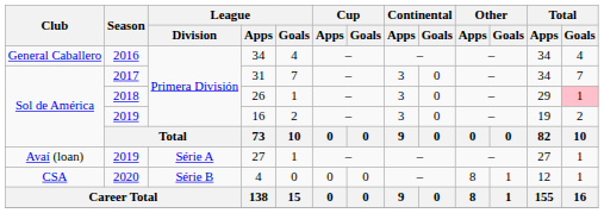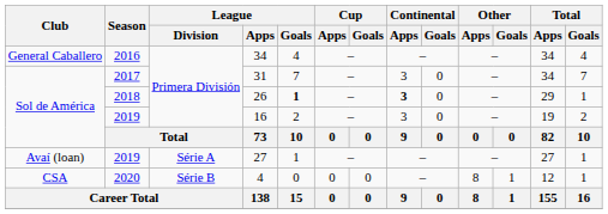 <table class="wikitable" style="text-align: center;">
 <tr>
 <th rowspan="2">Club</th>
 <th rowspan="2">Season</th>
 <th colspan="3">League</th>
 <th colspan="2">Cup</th>
 <th colspan="2">Continental</th>
 <th colspan="2">Other</th>
 <th colspan="2">Total</th>
 </tr>
 <tr>
 <th>Division</th>
 <th>Apps</th>
 <th>Goals</th>
 <th>Apps</th>
 <th>Goals</th>
 <th>Apps</th>
 <th>Goals</th>
 <th>Apps</th>
 <th>Goals</th>
 <th>Apps</th>
 <th>Goals</th>
 </tr>
 <tr>
 <td rowspan="1"><a href='#'>General Caballero</a></td>
 <td><a href='#'>2016</a></td>
 <td rowspan="4" valign="center"><a href='#'>Primera División</a></td>
 <td>34</td>
 <td>4</td>
 <td colspan="2">–</td>
 <td colspan="2">–</td>
 <td colspan="2">–</td>
 <td>34</td>
 <td>4</td>
 </tr>
 <tr>
 <td rowspan="4"><a href='#'>Sol de América</a></td>
 <td><a href='#'>2017</a></td>
 <td>31</td>
 <td>7</td>
 <td colspan="2">–</td>
 <td>3</td>
 <td>0</td>
 <td colspan="2">–</td>
 <td>34</td>
 <td>7</td>
 </tr>
 <tr>
 <td><a href='#'>2018</a></td>
 <td>26</td>
-<td>1</td>
+<td><strong>1</strong></td>
 <td colspan="2">–</td>
-<td>3</td>
+<td><strong>3</strong></td>
 <td>0</td>
 <td colspan="2">–</td>
 <td>29</td>
-<td style="background: pink;">1</td>
+<td>1</td>
 </tr>
 <tr>
 <td><a href='#'>2019</a></td>
 <td>16</td>
 <td>2</td>
 <td colspan="2">–</td>
 <td>3</td>
 <td>0</td>
 <td colspan="2">–</td>
 <td>19</td>
 <td>2</td>
 </tr>
 <tr>
 <th colspan="2">Total</th>
 <th>73</th>
 <th>10</th>
 <th>0</th>
 <th>0</th>
 <th>9</th>
 <th>0</th>
 <th>0</th>
 <th>0</th>
 <th>82</th>
 <th>10</th>
 </tr>
 <tr>
 <td rowspan="1"><a href='#'>Avaí</a> (loan)</td>
 <td><a href='#'>2019</a></td>
 <td rowspan="1" valign="center"><a href='#'>Série A</a></td>
 <td>27</td>
 <td>1</td>
 <td colspan="2">–</td>
 <td colspan="2">–</td>
 <td colspan="2">–</td>
 <td>27</td>
 <td>1</td>
 </tr>
 <tr>
 <td rowspan="1"><a href='#'>CSA</a></td>
 <td><a href='#'>2020</a></td>
 <td rowspan="1" valign="center"><a href='#'>Série B</a></td>
 <td>4</td>
 <td>0</td>
 <td>0</td>
 <td>0</td>
 <td colspan="2">–</td>
 <td>8</td>
 <td>1</td>
 <td>12</td>
 <td>1</td>
 </tr>
 <tr>
 <th colspan="3">Career Total</th>
 <th>138</th>
 <th>15</th>
 <th>0</th>
 <th>0</th>
 <th>9</th>
 <th>0</th>
 <th>8</th>
 <th>1</th>
 <th>155</th>
 <th>16</th>
 </tr>
 <tr>
 </tr>
 </table>
